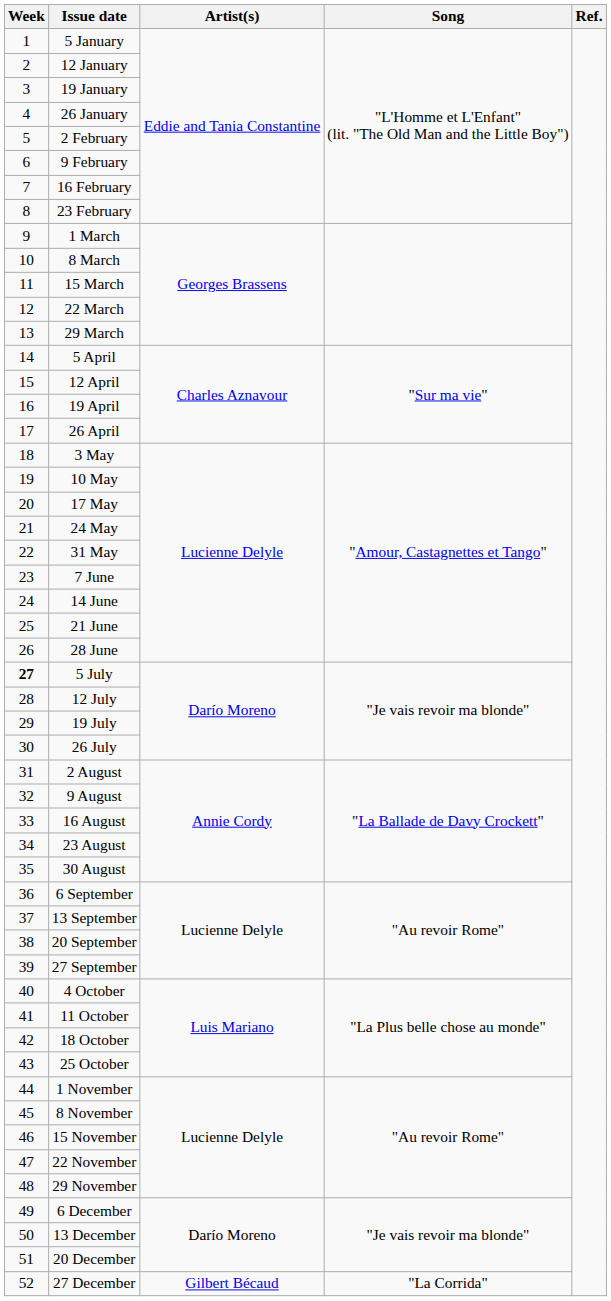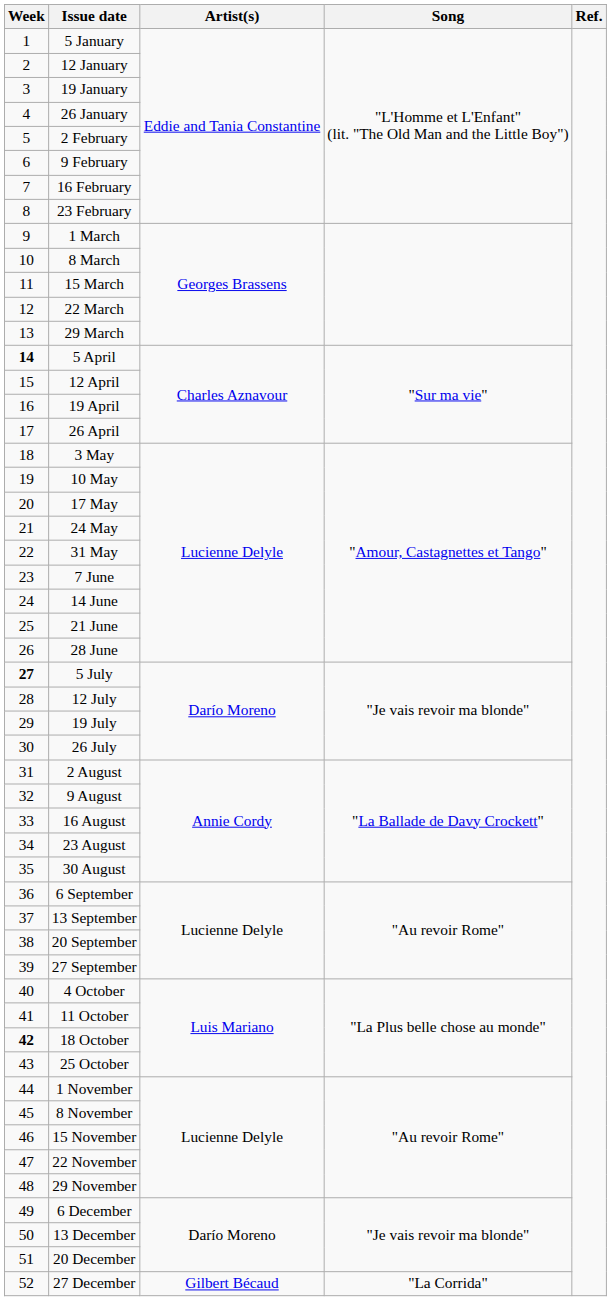 <table class="wikitable" style="text-align: center;">
 <tr>
 <th>Week</th>
 <th>Issue date</th>
 <th>Artist(s)</th>
 <th>Song</th>
 <th>Ref.</th>
 </tr>
 <tr>
 <td>1</td>
 <td>5 January</td>
 <td rowspan="8"><a href='#'>Eddie and Tania Constantine</a></td>
 <td rowspan="8">"L'Homme et L'Enfant" <br>(lit. "The Old Man and the Little Boy")</td>
 <td rowspan="52"></td>
 </tr>
 <tr>
 <td>2</td>
 <td>12 January</td>
 </tr>
 <tr>
 <td>3</td>
 <td>19 January</td>
 </tr>
 <tr>
 <td>4</td>
 <td>26 January</td>
 </tr>
 <tr>
 <td>5</td>
 <td>2 February</td>
 </tr>
 <tr>
 <td>6</td>
 <td>9 February</td>
 </tr>
 <tr>
 <td>7</td>
 <td>16 February</td>
 </tr>
 <tr>
 <td>8</td>
 <td>23 February</td>
 </tr>
 <tr>
 <td>9</td>
 <td>1 March</td>
 <td rowspan="5"><a href='#'>Georges Brassens</a></td>
 <td rowspan="5"></td>
 </tr>
 <tr>
 <td>10</td>
 <td>8 March</td>
 </tr>
 <tr>
 <td>11</td>
 <td>15 March</td>
 </tr>
 <tr>
 <td>12</td>
 <td>22 March</td>
 </tr>
 <tr>
 <td>13</td>
 <td>29 March</td>
 </tr>
 <tr>
-<td>14</td>
+<td><strong>14</strong></td>
 <td>5 April</td>
 <td rowspan="4"><a href='#'>Charles Aznavour</a></td>
 <td rowspan="4">"<a href='#'>Sur ma vie</a>"</td>
 </tr>
 <tr>
 <td>15</td>
 <td>12 April</td>
 </tr>
 <tr>
 <td>16</td>
 <td>19 April</td>
 </tr>
 <tr>
 <td>17</td>
 <td>26 April</td>
 </tr>
 <tr>
 <td>18</td>
 <td>3 May</td>
 <td rowspan="9"><a href='#'>Lucienne Delyle</a></td>
 <td rowspan="9">"<a href='#'>Amour, Castagnettes et Tango</a>"</td>
 </tr>
 <tr>
 <td>19</td>
 <td>10 May</td>
 </tr>
 <tr>
 <td>20</td>
 <td>17 May</td>
 </tr>
 <tr>
 <td>21</td>
 <td>24 May</td>
 </tr>
 <tr>
 <td>22</td>
 <td>31 May</td>
 </tr>
 <tr>
 <td>23</td>
 <td>7 June</td>
 </tr>
 <tr>
 <td>24</td>
 <td>14 June</td>
 </tr>
 <tr>
 <td>25</td>
 <td>21 June</td>
 </tr>
 <tr>
 <td>26</td>
 <td>28 June</td>
 </tr>
 <tr>
 <td><strong>27</strong></td>
 <td>5 July</td>
 <td rowspan="4"><a href='#'>Darío Moreno</a></td>
 <td rowspan="4">"Je vais revoir ma blonde"</td>
 </tr>
 <tr>
 <td>28</td>
 <td>12 July</td>
 </tr>
 <tr>
 <td>29</td>
 <td>19 July</td>
 </tr>
 <tr>
 <td>30</td>
 <td>26 July</td>
 </tr>
 <tr>
 <td>31</td>
 <td>2 August</td>
 <td rowspan="5"><a href='#'>Annie Cordy</a></td>
 <td rowspan="5">"<a href='#'>La Ballade de Davy Crockett</a>"</td>
 </tr>
 <tr>
 <td>32</td>
 <td>9 August</td>
 </tr>
 <tr>
 <td>33</td>
 <td>16 August</td>
 </tr>
 <tr>
 <td>34</td>
 <td>23 August</td>
 </tr>
 <tr>
 <td>35</td>
 <td>30 August</td>
 </tr>
 <tr>
 <td>36</td>
 <td>6 September</td>
 <td rowspan="4">Lucienne Delyle</td>
 <td rowspan="4">"Au revoir Rome"</td>
 </tr>
 <tr>
 <td>37</td>
 <td>13 September</td>
 </tr>
 <tr>
 <td>38</td>
 <td>20 September</td>
 </tr>
 <tr>
 <td>39</td>
 <td>27 September</td>
 </tr>
 <tr>
 <td>40</td>
 <td>4 October</td>
 <td rowspan="4"><a href='#'>Luis Mariano</a></td>
 <td rowspan="4">"La Plus belle chose au monde"</td>
 </tr>
 <tr>
 <td>41</td>
 <td>11 October</td>
 </tr>
 <tr>
-<td>42</td>
+<td><strong>42</strong></td>
 <td>18 October</td>
 </tr>
 <tr>
 <td>43</td>
 <td>25 October</td>
 </tr>
 <tr>
 <td>44</td>
 <td>1 November</td>
 <td rowspan="5">Lucienne Delyle</td>
 <td rowspan="5">"Au revoir Rome"</td>
 </tr>
 <tr>
 <td>45</td>
 <td>8 November</td>
 </tr>
 <tr>
 <td>46</td>
 <td>15 November</td>
 </tr>
 <tr>
 <td>47</td>
 <td>22 November</td>
 </tr>
 <tr>
 <td>48</td>
 <td>29 November</td>
 </tr>
 <tr>
 <td>49</td>
 <td>6 December</td>
 <td rowspan="3">Darío Moreno</td>
 <td rowspan="3">"Je vais revoir ma blonde"</td>
 </tr>
 <tr>
 <td>50</td>
 <td>13 December</td>
 </tr>
 <tr>
 <td>51</td>
 <td>20 December</td>
 </tr>
 <tr>
 <td>52</td>
 <td>27 December</td>
 <td rowspan="1"><a href='#'>Gilbert Bécaud</a></td>
 <td rowspan="1">"La Corrida"</td>
 </tr>
 </table>
